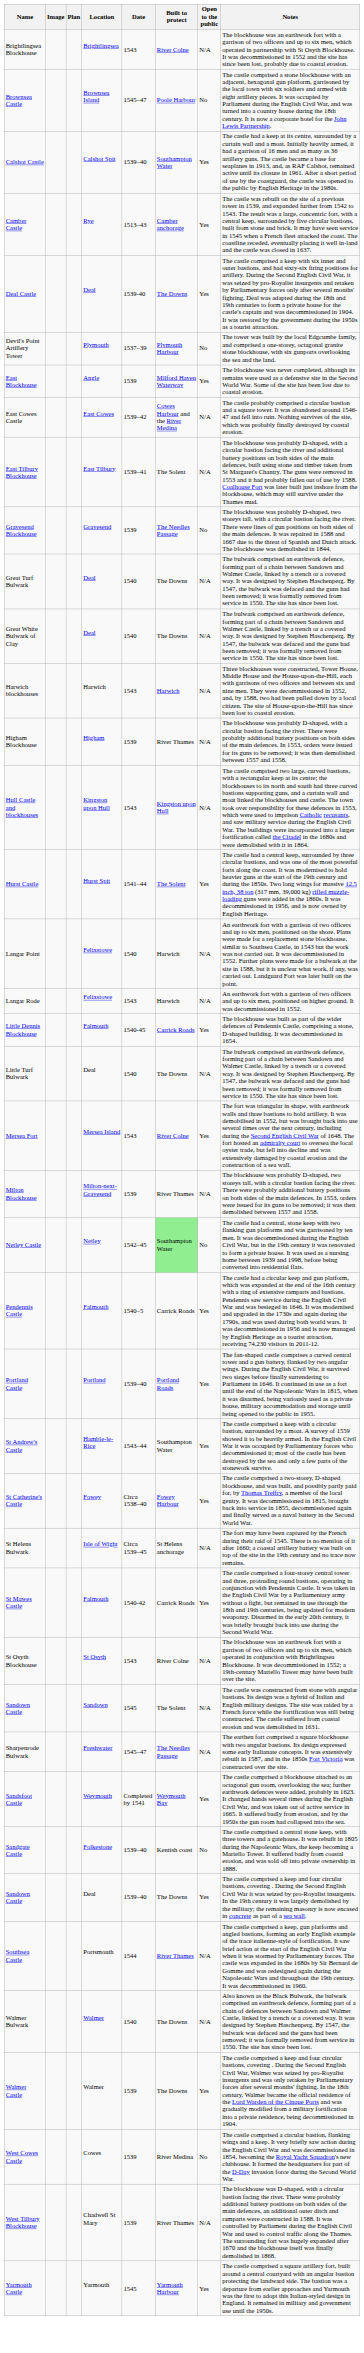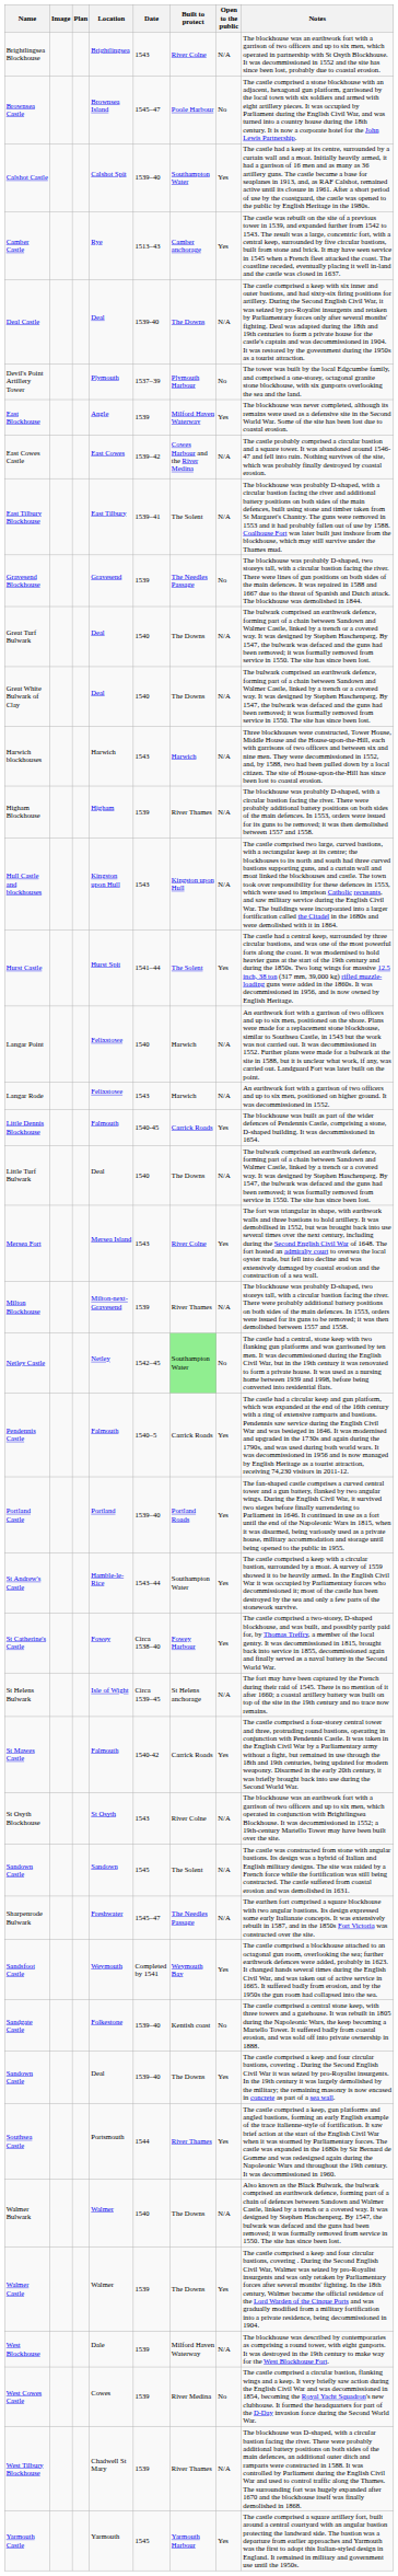 <table class="wikitable" border="1">
 <tr>
 <th>Name</th>
 <th>Image</th>
 <th>Plan</th>
 <th>Location</th>
 <th>Date</th>
 <th>Built to protect</th>
 <th>Open to the public</th>
 <th>Notes</th>
 </tr>
 <tr>
 <td>Brightlingsea Blockhouse</td>
 <td></td>
 <td></td>
 <td><a href='#'>Brightlingsea</a><br><br></td>
 <td>1543</td>
 <td><a href='#'>River Colne</a></td>
 <td>N/A</td>
 <td>The blockhouse was an earthwork fort with a garrison of two officers and up to six men, which operated in partnership with St Osyth Blockhouse. It was decommissioned in 1552 and the site has since been lost, probably due to coastal erosion.</td>
 </tr>
 <tr>
 <td><a href='#'>Brownsea Castle</a></td>
 <td></td>
 <td></td>
 <td><a href='#'>Brownsea Island</a><br><br></td>
 <td>1545–47</td>
 <td><a href='#'>Poole Harbour</a></td>
 <td>No</td>
 <td>The castle comprised a stone blockhouse with an adjacent, hexagonal gun platform, garrisoned by the local town with six soldiers and armed with eight artillery pieces. It was occupied by Parliament during the English Civil War, and was turned into a country house during the 18th century. It is now a corporate hotel for the <a href='#'>John Lewis Partnership</a>.</td>
 </tr>
 <tr>
 <td><a href='#'>Calshot Castle</a></td>
 <td></td>
 <td></td>
 <td><a href='#'>Calshot Spit</a><br><br></td>
 <td>1539–40</td>
 <td><a href='#'>Southampton Water</a></td>
 <td>Yes</td>
 <td>The castle had a keep at its centre, surrounded by a curtain wall and a moat. Initially heavily armed, it had a garrison of 16 men and as many as 36 artillery guns. The castle became a base for seaplanes  in 1913, and, as RAF Calshot, remained active until its closure in 1961. After a short period of use by the coastguard, the castle was opened to the public by English Heritage in the 1980s.</td>
 </tr>
 <tr>
 <td><a href='#'>Camber Castle</a></td>
 <td></td>
 <td></td>
 <td><a href='#'>Rye</a><br><br></td>
 <td>1513–43</td>
 <td><a href='#'>Camber anchorage</a></td>
 <td>Yes</td>
 <td>The castle was rebuilt on the site of a previous tower in 1539, and expanded further from 1542 to 1543. The result was a large, concentric fort, with a central keep, surrounded by five circular bastions, built from stone and brick. It may have seen service in 1545 when a French fleet attacked the coast. The coastline receded, eventually placing it well in-land and the castle was closed in 1637.</td>
 </tr>
 <tr>
 <td><a href='#'>Deal Castle</a></td>
 <td></td>
 <td></td>
 <td><a href='#'>Deal</a><br><br></td>
 <td>1539-40</td>
 <td><a href='#'>The Downs</a></td>
-<td>Yes</td>
+<td>N/A</td>
 <td>The castle comprised a keep with six inner and outer bastions, and had sixty-six firing positions for artillery. During the Second English Civil War, it was seized by pro-Royalist insurgents and retaken by Parliamentary forces only after several months' fighting. Deal was adapted during the 18th and 19th centuries to form a  private house for the castle's captain and was decommissioned in 1904. It was restored by the government during the 1950s as a tourist attraction.</td>
 </tr>
 <tr>
 <td>Devil's Point Artillery Tower</td>
 <td></td>
 <td></td>
 <td><a href='#'>Plymouth</a><br><br></td>
 <td>1537–39</td>
 <td><a href='#'>Plymouth Harbour</a></td>
 <td>No</td>
 <td>The tower was built by the local Edgcumbe family, and comprised a one-storey, octagonal granite stone blockhouse, with six gunports overlooking the sea and the land.</td>
 </tr>
 <tr>
 <td><a href='#'>East Blockhouse</a></td>
 <td></td>
 <td></td>
 <td><a href='#'>Angle</a><br><br></td>
 <td>1539</td>
 <td><a href='#'>Milford Haven Waterway</a></td>
 <td>Yes</td>
 <td>The blockhouse was never completed, although its remains were used as a defensive site in the Second World War. Some of the site has been lost due to coastal erosion.</td>
 </tr>
 <tr>
 <td>East Cowes Castle</td>
 <td></td>
 <td></td>
 <td><a href='#'>East Cowes</a><br><br></td>
 <td>1539–42</td>
 <td><a href='#'>Cowes Harbour</a> and the <a href='#'>River Medina</a></td>
 <td>N/A</td>
 <td>The castle probably comprised a circular bastion and a square tower. It was abandoned around 1546-47 and fell into ruin. Nothing survives of the site, which was probably finally destroyed by coastal erosion.</td>
 </tr>
 <tr>
 <td><a href='#'>East Tilbury Blockhouse</a></td>
 <td></td>
 <td></td>
 <td><a href='#'>East Tilbury</a><br><br></td>
 <td>1539–41</td>
 <td>The Solent</td>
 <td>N/A</td>
 <td>The blockhouse was probably D-shaped, with a circular bastion facing the river and additional battery positions on both sides of the main defences, built using stone and timber taken from St Margaret's Chantry. The guns were removed in 1553 and it had probably fallen out of use by 1588. <a href='#'>Coalhouse Fort</a> was later built just inshore from the blockhouse, which may still survive under the Thames mud.</td>
 </tr>
 <tr>
 <td><a href='#'>Gravesend Blockhouse</a></td>
 <td></td>
 <td></td>
 <td><a href='#'>Gravesend</a><br><br></td>
 <td>1539</td>
 <td><a href='#'>The Needles Passage</a></td>
 <td>No</td>
 <td>The blockhouse was probably D-shaped, two storeys tall, with a circular bastion facing the river. There were lines of gun positions on both sides of the main defences. It was repaired in 1588 and 1667 due to the threat of Spanish and Dutch attack. The blockhouse was demolished in 1844.</td>
 </tr>
 <tr>
 <td>Great Turf Bulwark</td>
 <td></td>
 <td></td>
 <td><a href='#'>Deal</a> <br><br></td>
 <td>1540</td>
 <td>The Downs</td>
 <td>N/A</td>
 <td>The bulwark comprised an earthwork defence, forming part of a chain between Sandown and Walmer Castle, linked by a trench or a covered way. It was designed by Stephen Haschenperg. By 1547, the bulwark was defaced and the guns had been removed; it was formally removed from service in 1550. The site has since been lost.</td>
 </tr>
 <tr>
 <td>Great White Bulwark of Clay</td>
 <td></td>
 <td></td>
 <td><a href='#'>Deal</a> <br><br></td>
 <td>1540</td>
 <td>The Downs</td>
 <td>N/A</td>
 <td>The bulwark comprised an earthwork defence, forming part of a chain between Sandown and Walmer Castle, linked by a trench or a covered way. It was designed by Stephen Haschenperg. By 1547, the bulwark was defaced and the guns had been removed; it was formally removed from service in 1550. The site has since been lost.</td>
 </tr>
 <tr>
 <td>Harwich blockhouses</td>
 <td></td>
 <td></td>
 <td>Harwich<br><br></td>
 <td>1543</td>
 <td><a href='#'>Harwich</a></td>
 <td>N/A</td>
 <td>Three blockhouses were constructed, Tower House, Middle House and the House-upon-the-Hill, each with garrisons of two officers and between six and nine men. They were decommissioned in 1552, and, by 1588, two had been pulled down by a local citizen. The site of House-upon-the-Hill has since been lost to coastal erosion.</td>
 </tr>
 <tr>
 <td>Higham Blockhouse</td>
 <td></td>
 <td></td>
 <td><a href='#'>Higham</a><br><br></td>
 <td>1539</td>
 <td>River Thames</td>
 <td>N/A</td>
 <td>The blockhouse was probably D-shaped, with a circular bastion facing the river. There were probably additional battery positions on both sides of the main defences. In 1553, orders were issued for its guns to be removed; it was then demolished between 1557 and 1558.</td>
 </tr>
 <tr>
 <td><a href='#'>Hull Castle and blockhouses</a></td>
 <td></td>
 <td></td>
 <td><a href='#'>Kingston upon Hull</a><br><br></td>
 <td>1543</td>
 <td><a href='#'>Kingston upon Hull</a></td>
 <td>N/A</td>
 <td>The castle comprised two large, curved bastions, with a rectangular keep at its centre; the blockhouses to its north and south had three curved bastions supporting guns, and a curtain wall and moat linked the blockhouses and castle. The town took over responsibility for these defences in 1553, which were used to imprison <a href='#'>Catholic</a> <a href='#'>recusants</a>, and saw military service during the English Civil War. The buildings were incorporated into a larger fortification called <a href='#'>the Citadel</a> in the 1680s and were demolished with it in 1864.</td>
 </tr>
 <tr>
 <td><a href='#'>Hurst Castle</a></td>
 <td></td>
 <td></td>
 <td><a href='#'>Hurst Spit</a><br><br></td>
 <td>1541–44</td>
 <td><a href='#'>The Solent</a></td>
 <td>Yes</td>
 <td>The castle had a central keep, surrounded by three circular bastions, and was one of the most powerful forts along the coast. It was modernised to hold heavier guns at the start of the 19th century and during the 1850s. Two long wings for massive <a href='#'>12.5 inch, 38 ton</a> (317 mm, 39,000 kg) <a href='#'>rifled muzzle-loading</a> guns were added in the 1860s. It was decommissioned in 1956, and is now owned by English Heritage.</td>
 </tr>
 <tr>
 <td>Langar Point</td>
 <td></td>
 <td></td>
 <td><a href='#'>Felixstowe</a><br><br></td>
 <td>1540</td>
 <td>Harwich</td>
 <td>N/A</td>
 <td>An earthwork fort with a garrison of two officers and up to six men, positioned on the shore. Plans were made for a replacement stone blockhouse, similar to Southsea Castle, in 1543 but the work was not carried out. It was decommissioned in 1552. Further plans were made for a bulwark at the site in 1588, but it is unclear what work, if any, was carried out. Landguard Fort was later built on the point.</td>
 </tr>
 <tr>
 <td>Langar Rode</td>
 <td></td>
 <td></td>
 <td><a href='#'>Felixstowe</a><br><br></td>
 <td>1543</td>
 <td>Harwich</td>
 <td>N/A</td>
 <td>An earthwork fort with a garrison of two officers and up to six men, positioned on higher ground. It was decommissioned in 1552.</td>
 </tr>
 <tr>
 <td><a href='#'>Little Dennis Blockhouse</a></td>
 <td></td>
 <td></td>
 <td><a href='#'>Falmouth</a><br><br></td>
 <td>1540-45</td>
 <td><a href='#'>Carrick Roads</a></td>
 <td>Yes</td>
 <td>The blockhouse was built as part of the wider defences of Pendennis Castle, comprising a stone, D-shaped building. It was decommissioned in 1654.</td>
 </tr>
 <tr>
 <td>Little Turf Bulwark</td>
 <td></td>
 <td></td>
 <td>Deal <br><br></td>
 <td>1540</td>
 <td>The Downs</td>
 <td>N/A</td>
 <td>The bulwark comprised an earthwork defence, forming part of a chain between Sandown and Walmer Castle, linked by a trench or a covered way. It was designed by Stephen Haschenperg. By 1547, the bulwark was defaced and the guns had been removed; it was formally removed from service in 1550. The site has since been lost.</td>
 </tr>
 <tr>
 <td><a href='#'>Mersea Fort</a></td>
 <td></td>
 <td></td>
 <td><a href='#'>Mersea Island</a><br><br></td>
 <td>1543</td>
 <td><a href='#'>River Colne</a></td>
 <td>Yes</td>
 <td>The fort was triangular in shape, with earthwork walls and three bastions to hold artillery. It was demobilised in 1552, but was brought back into use several times over the next century, including during the <a href='#'>Second English Civil War</a> of 1648. The fort hosted an <a href='#'>admiralty court</a> to oversea the local oyster trade, but fell into decline and was extensively damaged by coastal erosion and the construction of a sea wall.</td>
 </tr>
 <tr>
 <td><a href='#'>Milton Blockhouse</a></td>
 <td></td>
 <td></td>
 <td><a href='#'>Milton-next-Gravesend</a><br><br></td>
 <td>1539</td>
 <td>River Thames</td>
 <td>N/A</td>
 <td>The blockhouse was probably D-shaped, two storeys tall, with a circular bastion facing the river. There were probably additional battery positions on both sides of the main defences. In 1553, orders were issued for its guns to be removed; it was then demolished between 1557 and 1558.</td>
 </tr>
 <tr>
 <td><a href='#'>Netley Castle</a></td>
 <td></td>
 <td></td>
 <td><a href='#'>Netley</a><br><br></td>
 <td>1542–45</td>
 <td style="background: lightgreen;">Southampton Water</td>
 <td>No</td>
 <td>The castle had a central, stone keep with two flanking gun platforms and was garrisoned by ten men. It was decommissioned during the English Civil War, but in the 19th century it was renovated to form a private house. It was used as a nursing home between 1939 and 1998, before being converted into residential flats.</td>
 </tr>
 <tr>
 <td><a href='#'>Pendennis Castle</a></td>
 <td></td>
 <td></td>
 <td><a href='#'>Falmouth</a><br><br></td>
 <td>1540–5</td>
 <td>Carrick Roads</td>
 <td>Yes</td>
 <td>The castle had a circular keep and gun platform, which was expanded at the end of the 16th century with a ring of extensive ramparts and bastions. Pendennis saw service during the English Civil War and was besieged in 1646. It was modernised and upgraded in the 1730s and again during the 1790s, and was used during both world wars. It was decommissioned in 1956 and is now managed by English Heritage as a tourist attraction, receiving 74,230 visitors in 2011-12.</td>
 </tr>
 <tr>
 <td><a href='#'>Portland Castle</a></td>
 <td></td>
 <td></td>
 <td><a href='#'>Portland</a><br><br></td>
 <td>1539–40</td>
 <td><a href='#'>Portland Roads</a></td>
 <td>Yes</td>
 <td>The fan-shaped castle comprises a curved central tower and a gun battery, flanked by two angular wings. During the English Civil War, it survived two sieges before finally surrendering to Parliament in 1646. It continued in use as a fort until the end of the Napoleonic Wars in 1815, when it was disarmed, being variously used as a private house, military accommodation and storage until being opened to the public in 1955.</td>
 </tr>
 <tr>
 <td><a href='#'>St Andrew's Castle</a></td>
 <td></td>
 <td></td>
 <td><a href='#'>Hamble-le-Rice</a><br><br></td>
 <td>1543–44</td>
 <td>Southampton Water</td>
 <td>Yes</td>
 <td>The castle comprised a keep with a circular bastion, surrounded by a moat. A survey of 1559 showed it to be heavily armed. In the English Civil War it was occupied by Parliamentary forces who decommissioned it; most of the castle has been destroyed by the sea and only a few parts of the stonework survive.</td>
 </tr>
 <tr>
 <td><a href='#'>St Catherine's Castle</a></td>
 <td></td>
 <td></td>
 <td><a href='#'>Fowey</a><br><br></td>
 <td>Circa 1538–40</td>
 <td><a href='#'>Fowey Harbour</a></td>
 <td>Yes</td>
 <td>The castle comprised a two-storey, D-shaped blockhouse, and was built, and possibly partly paid for, by <a href='#'>Thomas Treffry</a>, a member of the local gentry. It was decommissioned in 1815, brought back into service in 1855, decommissioned again and finally served as a naval battery in the Second World War.</td>
 </tr>
 <tr>
 <td>St Helens Bulwark</td>
 <td></td>
 <td></td>
 <td><a href='#'>Isle of Wight</a><br><br></td>
 <td>Circa 1539–45</td>
 <td>St Helens anchorage</td>
 <td>N/A</td>
 <td>The fort may have been captured by the French during their raid of 1545. There is no mention of it after 1660; a coastal artillery battery was built on top of the site in the 19th century and no trace now remains.</td>
 </tr>
 <tr>
 <td><a href='#'>St Mawes Castle</a></td>
 <td></td>
 <td></td>
 <td><a href='#'>Falmouth</a><br><br></td>
 <td>1540-42</td>
 <td>Carrick Roads</td>
 <td>Yes</td>
 <td>The castle comprised a four-storey central tower and three, protruding round bastions, operating in conjunction with Pendennis Castle. It was taken in the English Civil War by a Parliamentary army without a fight, but remained in use through the 18th and 19th centuries, being updated for modern weaponry. Disarmed in the early 20th century, it was briefly brought back into use during the Second World War.</td>
 </tr>
 <tr>
 <td>St Osyth Blockhouse</td>
 <td></td>
 <td></td>
 <td><a href='#'>St Osyth</a><br><br></td>
 <td>1543</td>
 <td>River Colne</td>
 <td>N/A</td>
 <td>The blockhouse was an earthwork fort with a garrison of two officers and up to six men, which operated in conjunction with Brightlingsea Blockhouse. It was decommissioned in 1552; a 19th-century Martello Tower may have been built over the site.</td>
 </tr>
 <tr>
 <td><a href='#'>Sandown Castle</a></td>
 <td></td>
 <td></td>
 <td><a href='#'>Sandown</a><br><br></td>
 <td>1545</td>
 <td>The Solent</td>
 <td>N/A</td>
 <td>The castle was constructed from stone with angular bastions. Its design was a hybrid of Italian and English military designs. The site was raided by a French force while the fortification was still being constructed. The castle suffered from coastal erosion and was demolished in 1631.</td>
 </tr>
 <tr>
 <td>Sharpenrode Bulwark</td>
 <td></td>
 <td></td>
 <td><a href='#'>Freshwater</a><br><br></td>
 <td>1545–47</td>
 <td><a href='#'>The Needles Passage</a></td>
 <td>N/A</td>
 <td>The earthen fort comprised a square blockhouse with two angular bastions. Its design expressed some early Italianate concepts. It was extensively rebuilt in 1587, and in the 1850s <a href='#'>Fort Victoria</a> was constructed over the site.</td>
 </tr>
 <tr>
 <td><a href='#'>Sandsfoot Castle</a></td>
 <td></td>
 <td></td>
 <td><a href='#'>Weymouth</a><br><br></td>
 <td>Completed by 1541</td>
 <td><a href='#'>Weymouth Bay</a></td>
 <td>Yes</td>
 <td>The castle comprised a blockhouse attached to an octagonal gun room, overlooking the sea; further earthwork defences were added, probably in 1623. It changed hands several times during the English Civil War, and was taken out of active service in 1665. It suffered badly from erosion, and by the 1950s the gun room had collapsed into the sea.</td>
 </tr>
 <tr>
 <td><a href='#'>Sandgate Castle</a></td>
 <td></td>
 <td></td>
 <td><a href='#'>Folkestone</a><br><br></td>
 <td>1539–40</td>
 <td>Kentish coast</td>
 <td>No</td>
 <td>The castle comprised a central stone keep, with three towers and a gatehouse. It was rebuilt in 1805 during the Napoleonic Wars, the keep becoming a Martello Tower. It suffered badly from coastal erosion, and was sold off into private ownership in 1888.</td>
 </tr>
 <tr>
 <td><a href='#'>Sandown Castle</a></td>
 <td></td>
 <td></td>
 <td>Deal<br><br></td>
 <td>1539–40</td>
 <td>The Downs</td>
 <td>Yes</td>
 <td>The castle comprised a keep and four circular bastions, covering . During the Second English Civil War it was seized by pro-Royalist insurgents. In the 19th century it was largely demolished by the military; the remaining masonry is now encased in <a href='#'>concrete</a> as part of a <a href='#'>sea wall</a>.</td>
 </tr>
 <tr>
 <td><a href='#'>Southsea Castle</a></td>
 <td></td>
 <td></td>
 <td>Portsmouth<br><br></td>
 <td>1544</td>
 <td><a href='#'>River Thames</a></td>
-<td>N/A</td>
+<td>Yes</td>
 <td>The castle comprised a keep, gun platforms and angled bastions, forming an early English example of the trace italienne-style of fortification. It saw brief action at the start of the English Civil War when it was stormed by Parliamentary forces. The castle was expanded in the 1680s by Sir Bernard de Gomme and was redesigned again during the Napoleonic Wars and throughout the 19th century. It was decommissioned in 1960.</td>
 </tr>
 <tr>
 <td>Walmer Bulwark</td>
 <td></td>
 <td></td>
 <td><a href='#'>Walmer</a> <br><br></td>
 <td>1540</td>
 <td>The Downs</td>
 <td>N/A</td>
 <td>Also known as the Black Bulwark, the bulwark comprised an earthwork defence, forming part of a chain of defences between Sandown and Walmer Castle, linked by a trench or a covered way. It was designed by Stephen Haschenperg. By 1547, the bulwark was defaced and the guns had been removed; it was formally removed from service in 1550. The site has since been lost.</td>
 </tr>
 <tr>
 <td><a href='#'>Walmer Castle</a></td>
 <td></td>
 <td></td>
 <td>Walmer<br><br></td>
 <td>1539</td>
 <td>The Downs</td>
 <td>Yes</td>
 <td>The castle comprised a keep and four circular bastions, covering . During the Second English Civil War, Walmer was seized by pro-Royalist insurgents and was only retaken by Parliamentary forces after several months' fighting. In the 18th century, Walmer became the official residence of the <a href='#'>Lord Warden of the Cinque Ports</a> and was gradually modified from a military fortification into a private residence, being decommissioned in 1904.</td>
+</tr>
+<tr>
+<td><a href='#'>West Blockhouse</a></td>
+<td></td>
+<td></td>
+<td>Dale<br><br></td>
+<td>1539</td>
+<td>Milford Haven Waterway</td>
+<td>N/A</td>
+<td>The blockhouse was described by contemporaries as comprising a round tower, with eight gunports. It was destroyed in the 19th century to make way for the <a href='#'>West Blockhouse Fort</a>.</td>
 </tr>
 <tr>
 <td><a href='#'>West Cowes Castle</a></td>
 <td></td>
 <td></td>
 <td>Cowes<br><br></td>
 <td>1539</td>
 <td>River Medina</td>
 <td>No</td>
 <td>The castle comprised a circular bastion, flanking wings and a keep. It very briefly saw action during the English Civil War and was decommissioned in 1854, becoming the <a href='#'>Royal Yacht Squadron</a>'s new clubhouse. It formed the headquarters for part of the <a href='#'>D-Day</a> invasion force during the Second World War.</td>
 </tr>
 <tr>
 <td><a href='#'>West Tilbury Blockhouse</a></td>
 <td></td>
 <td></td>
 <td>Chadwell St Mary<br><br></td>
 <td>1539</td>
 <td>River Thames</td>
 <td>N/A</td>
 <td>The blockhouse was D-shaped, with a circular bastion facing the river. There were probably additional battery positions on both sides of the main defences, an additional outer ditch and ramparts were constructed in 1588. It was controlled by Parliament during the English Civil War and used to control traffic along the Thames. The surrounding fort was hugely expanded after 1670 and the blockhouse itself was finally demolished in 1868.</td>
 </tr>
 <tr>
 <td><a href='#'>Yarmouth Castle</a></td>
 <td></td>
 <td></td>
 <td>Yarmouth<br><br></td>
 <td>1545</td>
 <td><a href='#'>Yarmouth Harbour</a></td>
 <td>Yes</td>
 <td>The castle comprised a square artillery fort, built around a central courtyard with an angular bastion protecting the landward side. The bastion was a departure from earlier approaches and Yarmouth was the first to adopt this Italian-styled design in England. It remained in military and government use until the 1950s.</td>
 </tr>
 </table>
